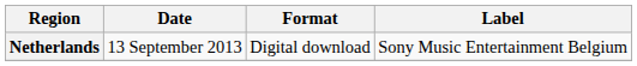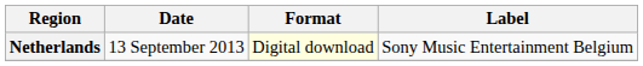 <table class="wikitable sortable plainrowheaders">
 <tr>
 <th scope="col">Region</th>
 <th scope="col">Date</th>
 <th scope="col">Format</th>
 <th scope="col">Label</th>
 </tr>
 <tr>
 <th scope="row">Netherlands</th>
 <td>13 September 2013</td>
-<td>Digital download</td>
+<td style="background: lightyellow;">Digital download</td>
 <td>Sony Music Entertainment Belgium</td>
 </tr>
 <tr>
 </tr>
 </table>
